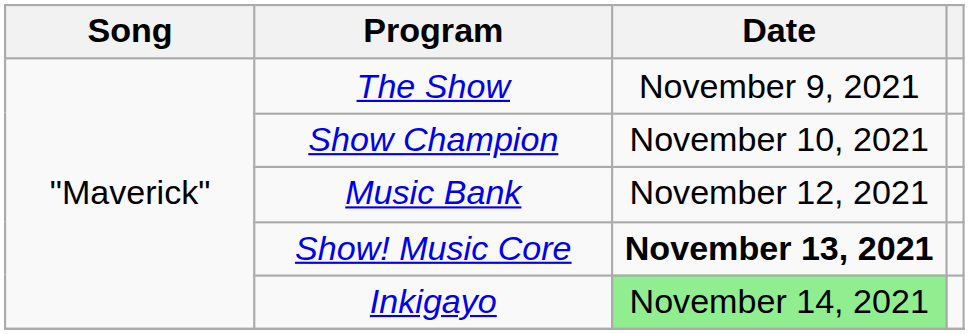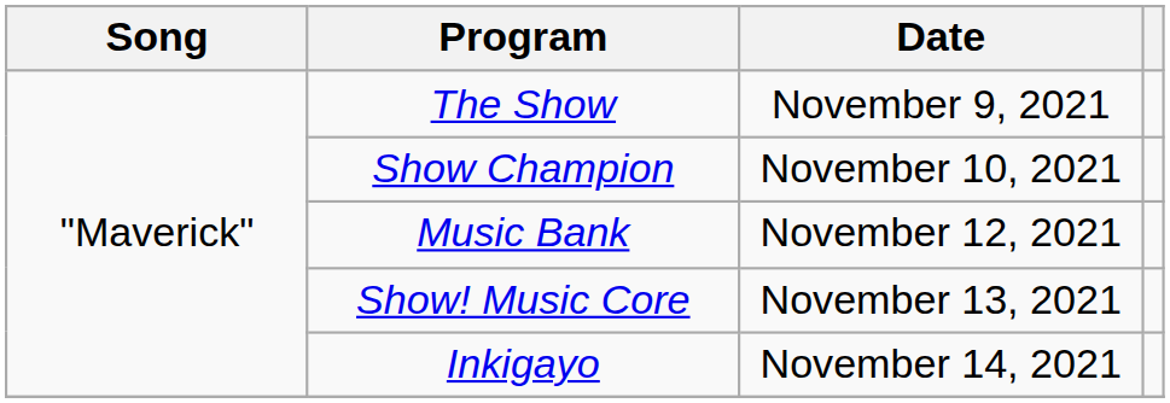 <table class="wikitable" style="text-align:center">
 <tr>
 <th width="110">Song</th>
 <th width="160">Program</th>
 <th width="150">Date</th>
 <th class="unsortable"></th>
 </tr>
 <tr>
 <td rowspan="5">"Maverick"</td>
 <td><em><a href='#'>The Show</a></em></td>
 <td>November 9, 2021</td>
 <td></td>
 </tr>
 <tr>
 <td><em><a href='#'>Show Champion</a></em></td>
 <td>November 10, 2021</td>
 <td></td>
 </tr>
 <tr>
 <td><em><a href='#'>Music Bank</a></em></td>
 <td>November 12, 2021</td>
 <td></td>
 </tr>
 <tr>
 <td><em><a href='#'>Show! Music Core</a></em></td>
-<td><strong>November 13, 2021</strong></td>
+<td>November 13, 2021</td>
 <td></td>
 </tr>
 <tr>
 <td><em><a href='#'>Inkigayo</a></em></td>
-<td style="background: lightgreen;">November 14, 2021</td>
+<td>November 14, 2021</td>
 <td></td>
 </tr>
 <tr>
 </tr>
 </table>
